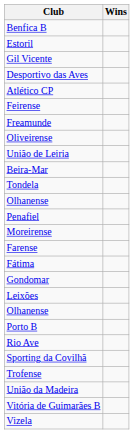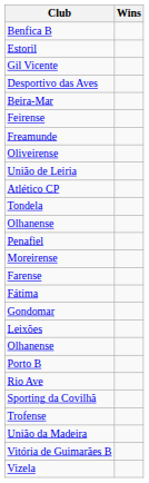 <table class="wikitable sortable" style="border-collapse:collapse">
 <tr>
 <th>Club</th>
 <th>Wins</th>
 </tr>
 <tr>
 <td><a href='#'>Benfica B</a></td>
 <td align="center"></td>
 </tr>
 <tr>
 <td><a href='#'>Estoril</a></td>
 <td align="center"></td>
 </tr>
 <tr>
 <td><a href='#'>Gil Vicente</a></td>
 <td align="center"></td>
 </tr>
 <tr>
 <td><a href='#'>Desportivo das Aves</a></td>
 <td align="center"></td>
 </tr>
 <tr>
-<td><a href='#'>Atlético CP</a></td>
+<td><a href='#'>Beira-Mar</a></td>
 <td align="center"></td>
 </tr>
 <tr>
 <td><a href='#'>Feirense</a></td>
 <td align="center"></td>
 </tr>
 <tr>
 <td><a href='#'>Freamunde</a></td>
 <td align="center"></td>
 </tr>
 <tr>
 <td><a href='#'>Oliveirense</a></td>
 <td align="center"></td>
 </tr>
 <tr>
 <td><a href='#'>União de Leiria</a></td>
 <td align="center"></td>
 </tr>
 <tr>
-<td><a href='#'>Beira-Mar</a></td>
+<td><a href='#'>Atlético CP</a></td>
 <td align="center"></td>
 </tr>
 <tr>
 <td><a href='#'>Tondela</a></td>
 <td align="center"></td>
 </tr>
 <tr>
 <td><a href='#'>Olhanense</a></td>
 <td align="center"></td>
 </tr>
 <tr>
 <td><a href='#'>Penafiel</a></td>
 <td align="center"></td>
 </tr>
 <tr>
 <td><a href='#'>Moreirense</a></td>
 <td align="center"></td>
 </tr>
 <tr>
 <td><a href='#'>Farense</a></td>
 <td align="center"></td>
 </tr>
 <tr>
 <td><a href='#'>Fátima</a></td>
 <td align="center"></td>
 </tr>
 <tr>
 <td><a href='#'>Gondomar</a></td>
 <td align="center"></td>
 </tr>
 <tr>
 <td><a href='#'>Leixões</a></td>
 <td align="center"></td>
 </tr>
 <tr>
 <td><a href='#'>Olhanense</a></td>
 <td align="center"></td>
 </tr>
 <tr>
 <td><a href='#'>Porto B</a></td>
 <td align="center"></td>
 </tr>
 <tr>
 <td><a href='#'>Rio Ave</a></td>
 <td align="center"></td>
 </tr>
 <tr>
 <td><a href='#'>Sporting da Covilhã</a></td>
 <td align="center"></td>
 </tr>
 <tr>
 <td><a href='#'>Trofense</a></td>
 <td align="center"></td>
 </tr>
 <tr>
 <td><a href='#'>União da Madeira</a></td>
 <td align="center"></td>
 </tr>
 <tr>
 <td><a href='#'>Vitória de Guimarães B</a></td>
 <td align="center"></td>
 </tr>
 <tr>
 <td><a href='#'>Vizela</a></td>
 <td align="center"></td>
 </tr>
 </table>
